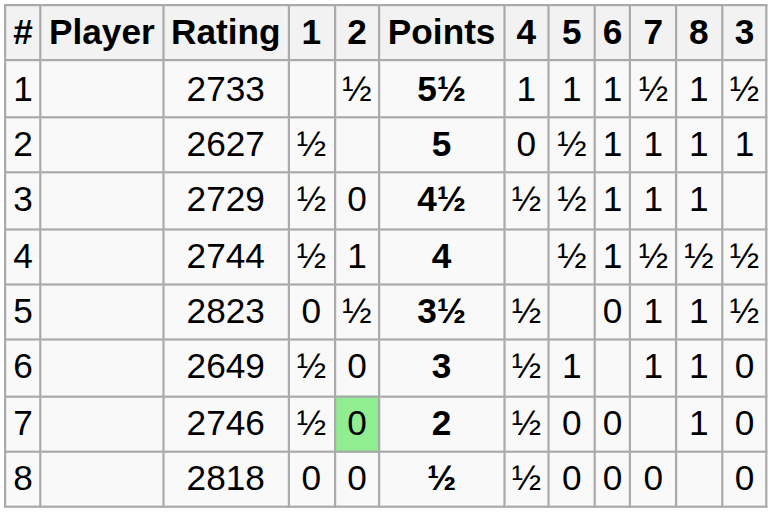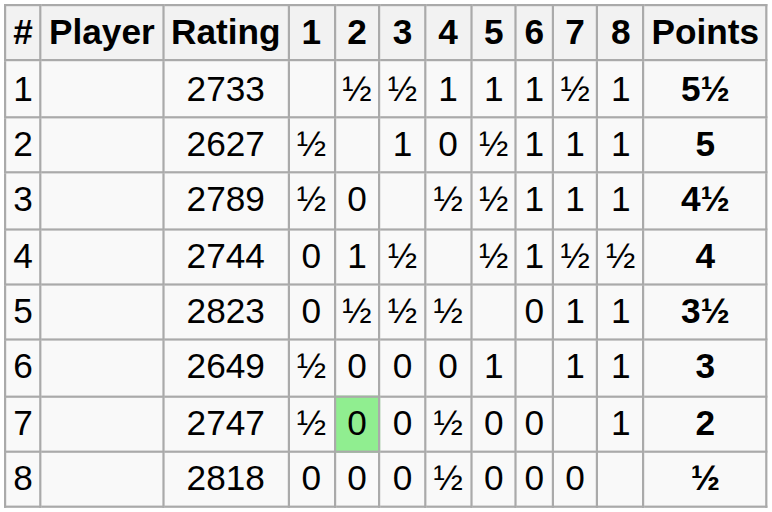 <table class="wikitable" style="text-align:center;">
 <tr>
 <th>#</th>
 <th>Player</th>
 <th>Rating</th>
 <th>1</th>
 <th>2</th>
-<th>Points</th>
+<th>3</th>
 <th>4</th>
 <th>5</th>
 <th>6</th>
 <th>7</th>
 <th>8</th>
-<th>3</th>
+<th>Points</th>
 </tr>
 <tr>
 <td>1</td>
 <td align=left></td>
 <td>2733</td>
 <td></td>
 <td>½</td>
-<td><strong>5½</strong></td>
+<td>½</td>
 <td>1</td>
 <td>1</td>
 <td>1</td>
 <td>½</td>
 <td>1</td>
-<td>½</td>
+<td><strong>5½</strong></td>
 </tr>
 <tr>
 <td>2</td>
 <td align=left></td>
 <td>2627</td>
 <td>½</td>
 <td></td>
-<td><strong>5</strong></td>
+<td>1</td>
 <td>0</td>
 <td>½</td>
 <td>1</td>
 <td>1</td>
 <td>1</td>
-<td>1</td>
+<td><strong>5</strong></td>
 </tr>
 <tr>
 <td>3</td>
 <td align=left></td>
-<td>2729</td>
+<td>2789</td>
 <td>½</td>
 <td>0</td>
-<td><strong>4½</strong></td>
+<td></td>
 <td>½</td>
 <td>½</td>
 <td>1</td>
 <td>1</td>
 <td>1</td>
-<td></td>
+<td><strong>4½</strong></td>
 </tr>
 <tr>
 <td>4</td>
 <td align=left></td>
 <td>2744</td>
+<td>0</td>
+<td>1</td>
 <td>½</td>
-<td>1</td>
-<td><strong>4</strong></td>
 <td></td>
 <td>½</td>
 <td>1</td>
 <td>½</td>
 <td>½</td>
-<td>½</td>
+<td><strong>4</strong></td>
 </tr>
 <tr>
 <td>5</td>
 <td align=left></td>
 <td>2823</td>
 <td>0</td>
 <td>½</td>
-<td><strong>3½</strong></td>
+<td>½</td>
 <td>½</td>
 <td></td>
 <td>0</td>
 <td>1</td>
 <td>1</td>
-<td>½</td>
+<td><strong>3½</strong></td>
 </tr>
 <tr>
 <td>6</td>
 <td align=left></td>
 <td>2649</td>
 <td>½</td>
 <td>0</td>
-<td><strong>3</strong></td>
-<td>½</td>
+<td>0</td>
+<td>0</td>
 <td>1</td>
 <td></td>
 <td>1</td>
 <td>1</td>
-<td>0</td>
+<td><strong>3</strong></td>
 </tr>
 <tr>
 <td>7</td>
 <td align=left></td>
-<td>2746</td>
+<td>2747</td>
 <td>½</td>
 <td style="background: lightgreen;">0</td>
-<td><strong>2</strong></td>
+<td>0</td>
 <td>½</td>
 <td>0</td>
 <td>0</td>
 <td></td>
 <td>1</td>
-<td>0</td>
+<td><strong>2</strong></td>
 </tr>
 <tr>
 <td>8</td>
 <td align=left></td>
 <td>2818</td>
 <td>0</td>
 <td>0</td>
-<td><strong>½</strong></td>
+<td>0</td>
 <td>½</td>
 <td>0</td>
 <td>0</td>
 <td>0</td>
 <td></td>
-<td>0</td>
+<td><strong>½</strong></td>
 </tr>
 </table>
